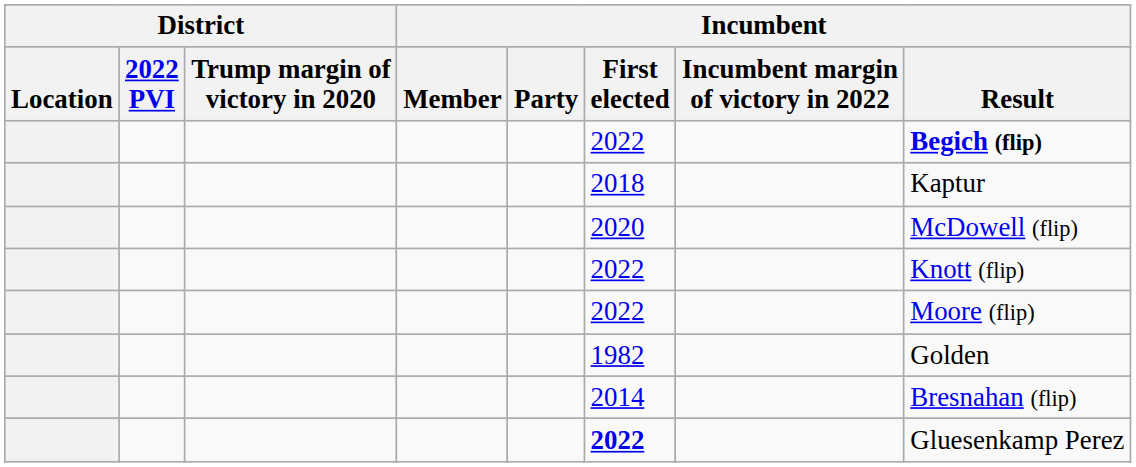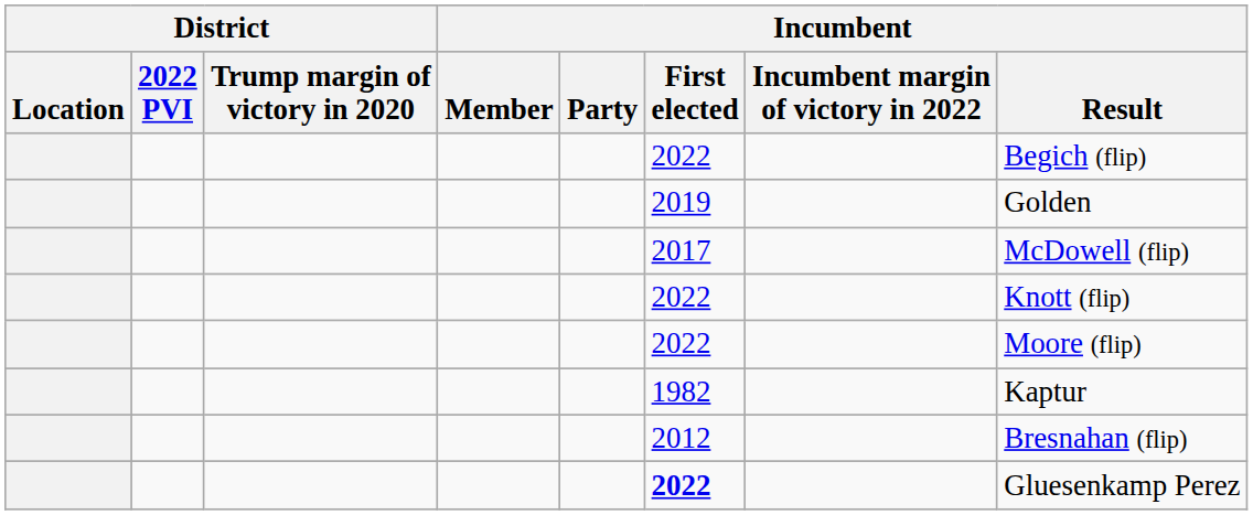 <table class="wikitable sortable">
 <tr>
 <th colspan=3>District</th>
 <th colspan="5">Incumbent</th>
 </tr>
 <tr valign=bottom>
 <th>Location</th>
 <th><a href='#'>2022<br>PVI</a></th>
 <th>Trump margin of<br>victory in 2020</th>
 <th>Member</th>
 <th>Party</th>
 <th>First<br>elected</th>
 <th>Incumbent margin<br>of victory in 2022</th>
 <th>Result</th>
 </tr>
 <tr>
 <th></th>
 <td></td>
 <td></td>
 <td></td>
 <td></td>
 <td><a href='#'>2022 </a></td>
 <td></td>
-<td><strong><a href='#'>Begich</a> <small>(flip)</small></strong></td>
+<td><a href='#'>Begich</a> <small>(flip)</small></td>
 </tr>
 <tr>
 <th></th>
 <td></td>
 <td></td>
 <td></td>
 <td></td>
-<td><a href='#'>2018</a></td>
+<td><a href='#'>2019</a></td>
 <td></td>
-<td>Kaptur</td>
+<td>Golden</td>
 </tr>
 <tr>
 <th></th>
 <td></td>
 <td></td>
 <td></td>
 <td></td>
-<td><a href='#'>2020</a></td>
+<td><a href='#'>2017</a></td>
 <td></td>
 <td><a href='#'>McDowell</a> <small>(flip)</small></td>
 </tr>
 <tr>
 <th></th>
 <td></td>
 <td></td>
 <td></td>
 <td></td>
 <td><a href='#'>2022</a></td>
 <td></td>
 <td><a href='#'>Knott</a> <small>(flip)</small></td>
 </tr>
 <tr>
 <th></th>
 <td></td>
 <td></td>
 <td></td>
 <td></td>
 <td><a href='#'>2022</a></td>
 <td></td>
 <td><a href='#'>Moore</a> <small>(flip)</small></td>
 </tr>
 <tr>
 <th></th>
 <td></td>
 <td></td>
 <td></td>
 <td></td>
 <td><a href='#'>1982</a></td>
 <td></td>
-<td>Golden</td>
+<td>Kaptur</td>
 </tr>
 <tr>
 <th></th>
 <td></td>
 <td></td>
 <td></td>
 <td></td>
-<td><a href='#'>2014</a></td>
+<td><a href='#'>2012</a></td>
 <td></td>
 <td><a href='#'>Bresnahan</a> <small>(flip)</small></td>
 </tr>
 <tr>
 <th></th>
 <td></td>
 <td></td>
 <td></td>
 <td></td>
 <td><strong><a href='#'>2022</a></strong></td>
 <td></td>
 <td>Gluesenkamp Perez</td>
 </tr>
 </table>
